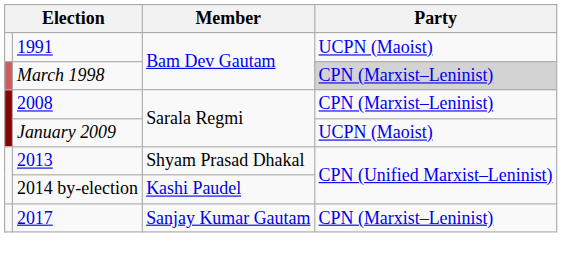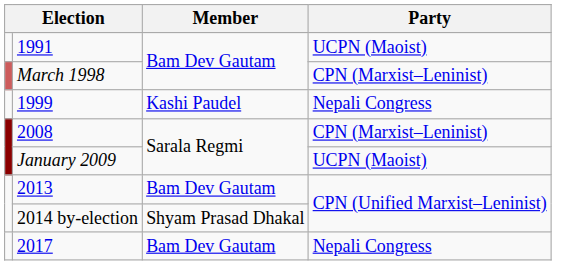 <table class="wikitable">
 <tr>
 <th colspan="2">Election</th>
 <th>Member</th>
 <th>Party</th>
 </tr>
 <tr>
 <td style="background-color:"></td>
 <td><a href='#'>1991</a></td>
 <td rowspan="2"><a href='#'>Bam Dev Gautam</a></td>
 <td><a href='#'>UCPN (Maoist)</a></td>
 </tr>
 <tr>
 <td style="background-color:indianred"></td>
 <td><em>March 1998</em></td>
-<td style="background: lightgrey;"><a href='#'>CPN (Marxist–Leninist)</a></td>
+<td><a href='#'>CPN (Marxist–Leninist)</a></td>
+</tr>
+<tr>
+<td style="background-color:"></td>
+<td><a href='#'>1999</a></td>
+<td><a href='#'>Kashi Paudel</a></td>
+<td><a href='#'>Nepali Congress</a></td>
 </tr>
 <tr>
 <td rowspan="2" style="background-color:darkred"></td>
 <td><a href='#'>2008</a></td>
 <td rowspan="2">Sarala Regmi</td>
 <td><a href='#'>CPN (Marxist–Leninist)</a></td>
 </tr>
 <tr>
 <td><em>January 2009</em></td>
 <td><a href='#'>UCPN (Maoist)</a></td>
 </tr>
 <tr>
 <td rowspan="2" style="background-color:"></td>
 <td><a href='#'>2013</a></td>
-<td>Shyam Prasad Dhakal</td>
+<td><a href='#'>Bam Dev Gautam</a></td>
 <td rowspan="2"><a href='#'>CPN (Unified Marxist–Leninist)</a></td>
 </tr>
 <tr>
 <td>2014 by-election</td>
-<td><a href='#'>Kashi Paudel</a></td>
+<td>Shyam Prasad Dhakal</td>
 </tr>
 <tr>
 <td style="background-color:"></td>
 <td><a href='#'>2017</a></td>
-<td><a href='#'>Sanjay Kumar Gautam</a></td>
-<td><a href='#'>CPN (Marxist–Leninist)</a></td>
+<td><a href='#'>Bam Dev Gautam</a></td>
+<td><a href='#'>Nepali Congress</a></td>
 </tr>
 </table>
